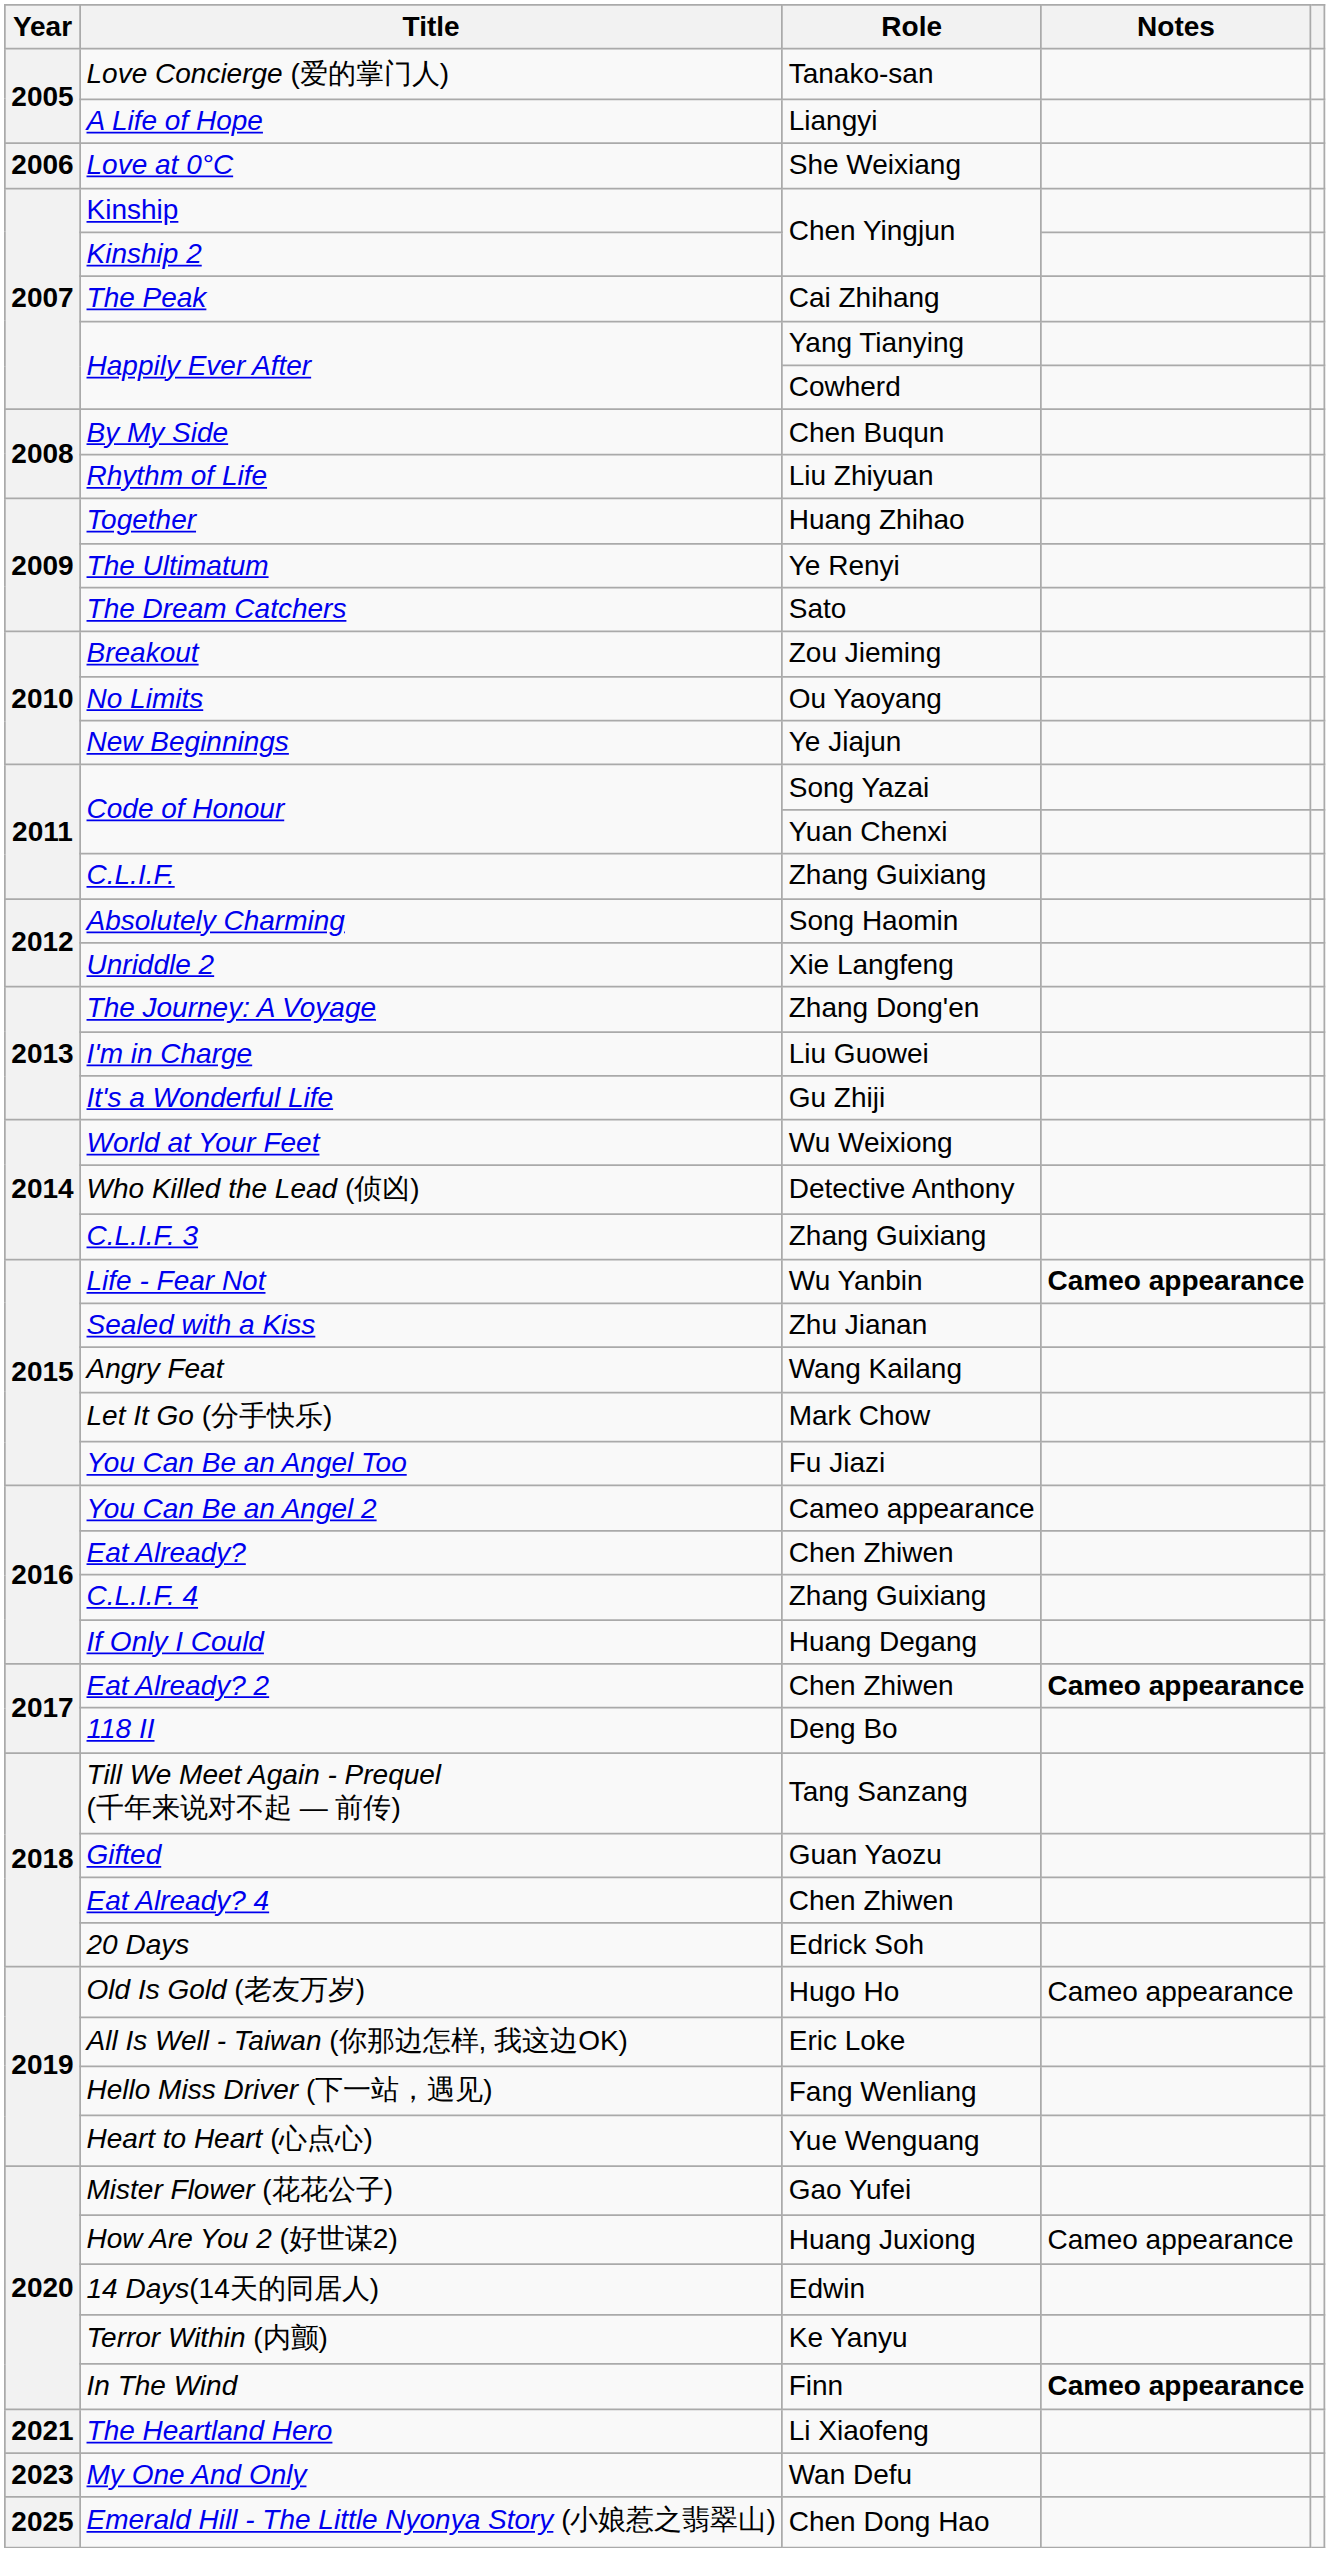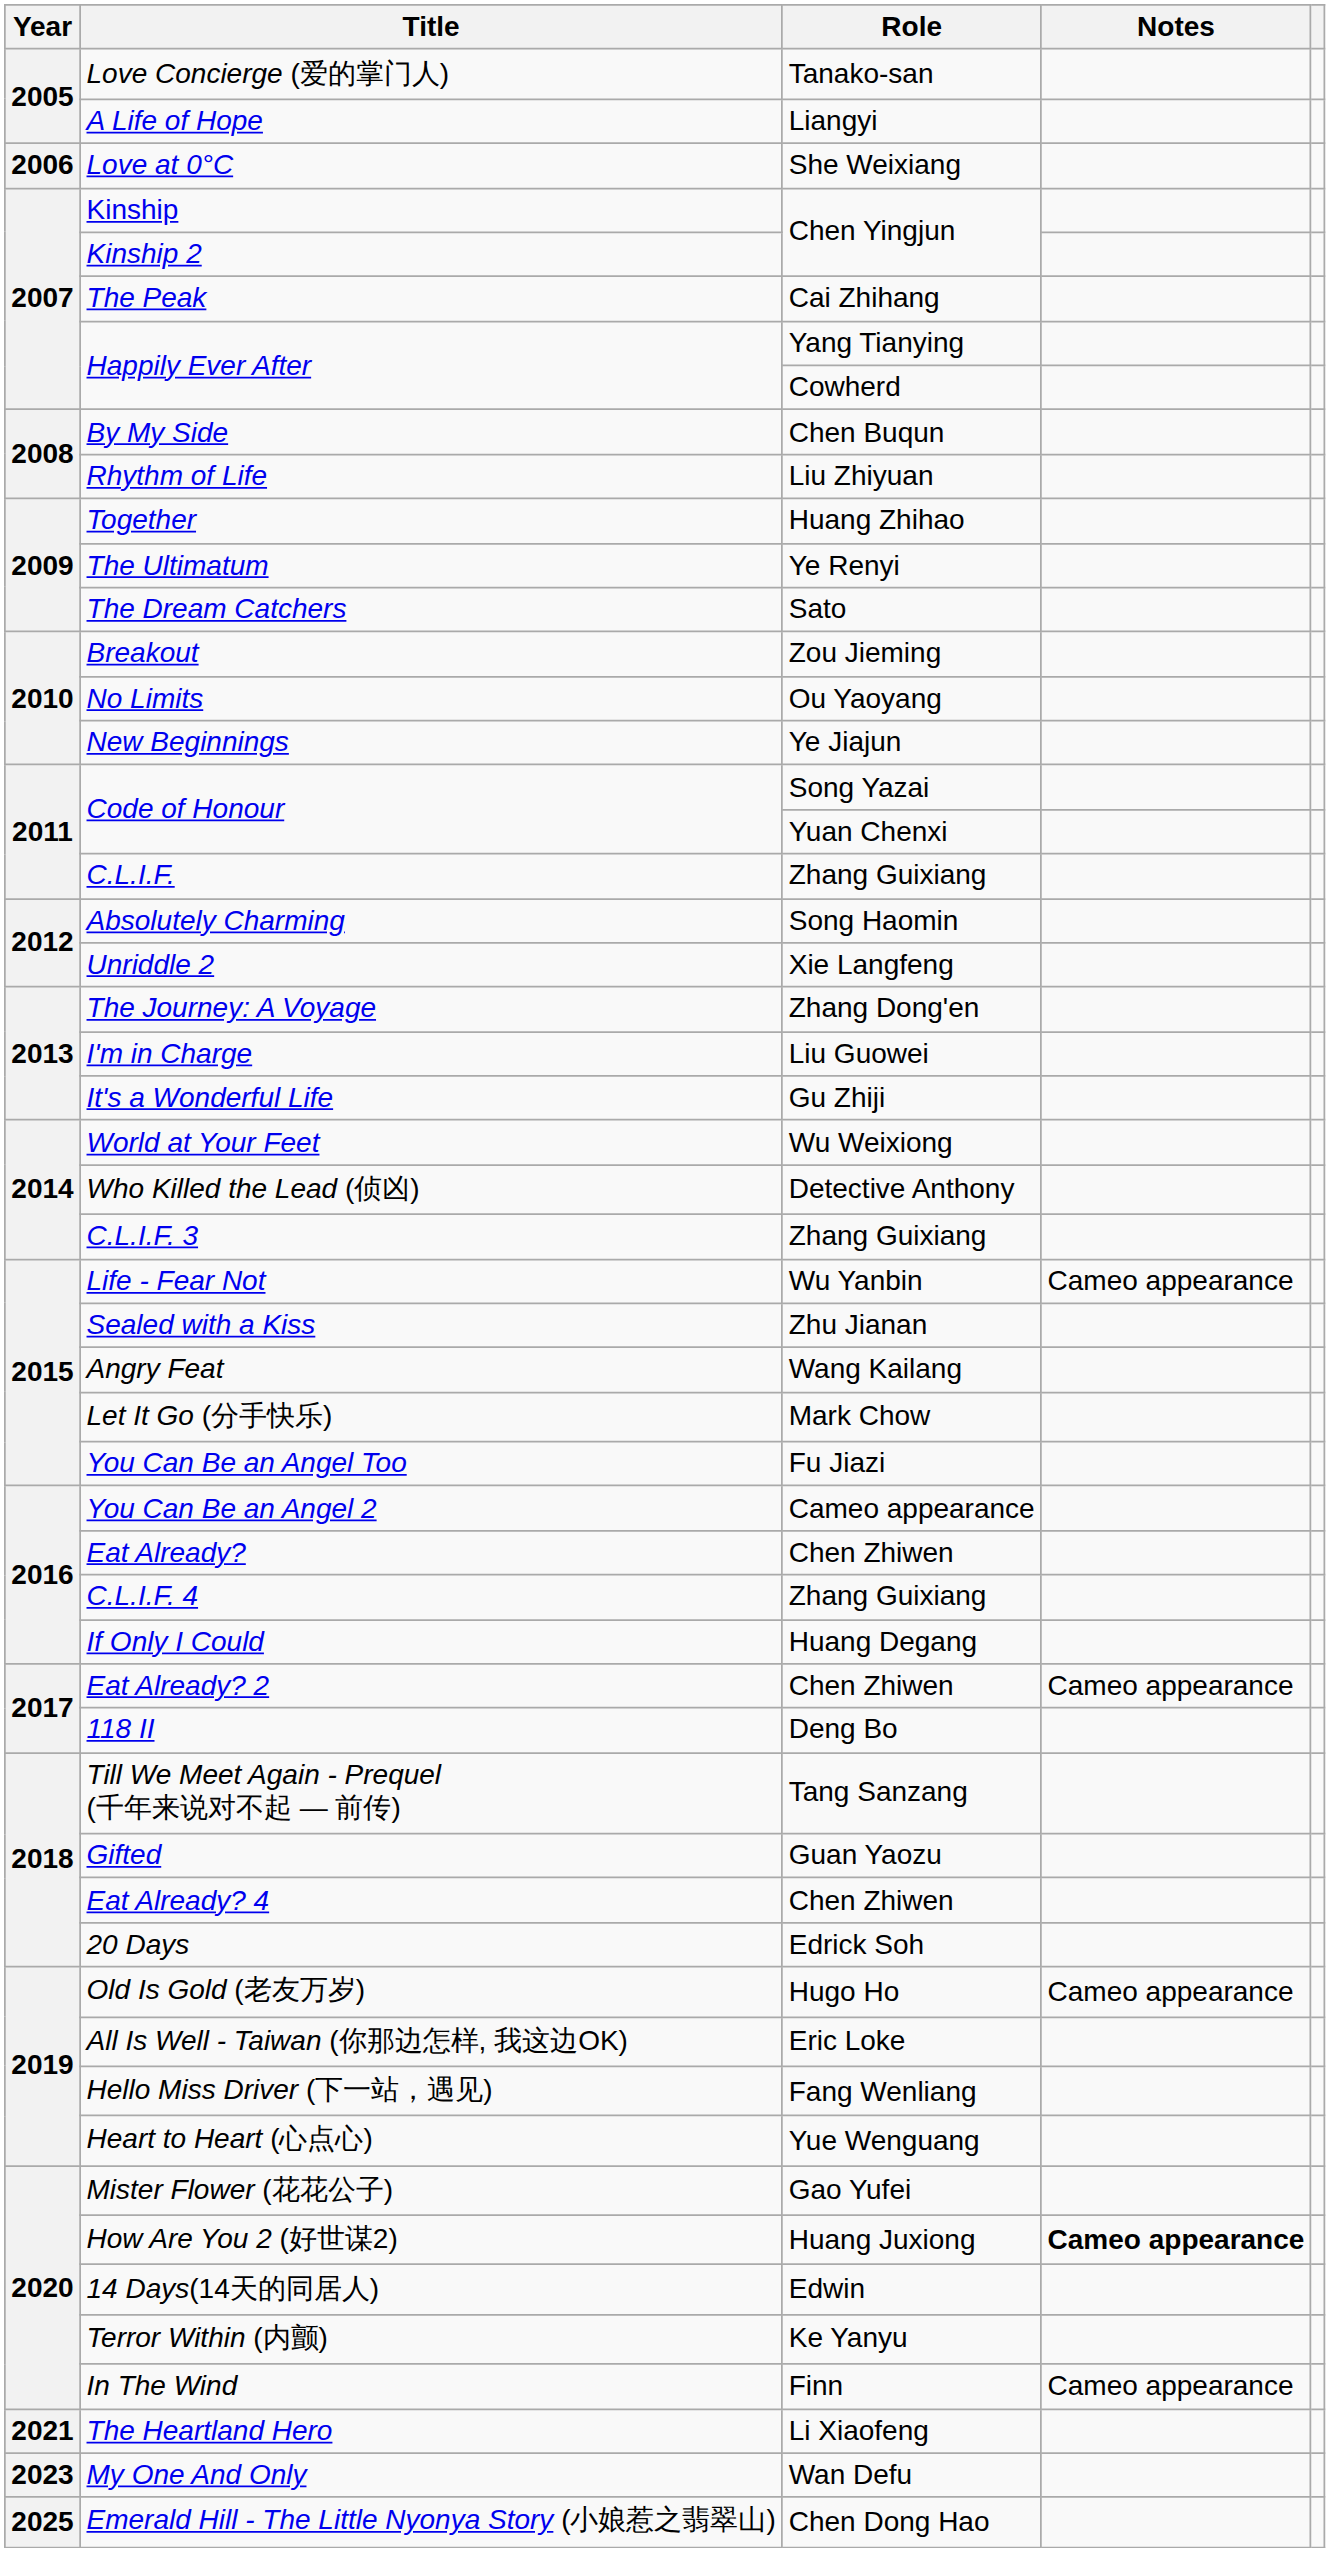 <table class="wikitable sortable plainrowheaders">
 <tr>
 <th scope="col">Year</th>
 <th scope="col">Title</th>
 <th scope="col">Role</th>
 <th scope="col" class="unsortable">Notes</th>
 <th scope="col" class="unsortable"></th>
 </tr>
 <tr>
 <th scope="row" rowspan="2">2005</th>
 <td><em>Love Concierge</em> (爱的掌门人)</td>
 <td>Tanako-san</td>
 <td></td>
 <td></td>
 </tr>
 <tr>
 <td><em><a href='#'>A Life of Hope</a></em></td>
 <td>Liangyi</td>
 <td></td>
 <td></td>
 </tr>
 <tr>
 <th scope="row">2006</th>
 <td><em><a href='#'>Love at 0°C</a></em></td>
 <td>She Weixiang</td>
 <td></td>
 <td></td>
 </tr>
 <tr>
 <th scope="row" rowspan="5">2007</th>
 <td><a href='#'>Kinship</a></td>
 <td rowspan="2">Chen Yingjun</td>
 <td></td>
 <td></td>
 </tr>
 <tr>
 <td><em><a href='#'>Kinship 2</a></em></td>
 <td></td>
 <td></td>
 </tr>
 <tr>
 <td><em><a href='#'>The Peak</a></em></td>
 <td>Cai Zhihang</td>
 <td></td>
 <td></td>
 </tr>
 <tr>
 <td rowspan="2"><em><a href='#'>Happily Ever After</a></em></td>
 <td>Yang Tianying</td>
 <td></td>
 <td></td>
 </tr>
 <tr>
 <td>Cowherd</td>
 <td></td>
 <td></td>
 </tr>
 <tr>
 <th scope="row" rowspan="2">2008</th>
 <td><em><a href='#'>By My Side</a></em></td>
 <td>Chen Buqun</td>
 <td></td>
 <td></td>
 </tr>
 <tr>
 <td><em><a href='#'>Rhythm of Life</a></em></td>
 <td>Liu Zhiyuan</td>
 <td></td>
 <td></td>
 </tr>
 <tr>
 <th scope="row" rowspan="3">2009</th>
 <td><em><a href='#'>Together</a></em></td>
 <td>Huang Zhihao</td>
 <td></td>
 <td></td>
 </tr>
 <tr>
 <td><em><a href='#'>The Ultimatum</a></em></td>
 <td>Ye Renyi</td>
 <td></td>
 <td></td>
 </tr>
 <tr>
 <td><em><a href='#'>The Dream Catchers</a></em></td>
 <td>Sato</td>
 <td></td>
 <td></td>
 </tr>
 <tr>
 <th scope="row" rowspan="3">2010</th>
 <td><em><a href='#'>Breakout</a></em></td>
 <td>Zou Jieming</td>
 <td></td>
 <td></td>
 </tr>
 <tr>
 <td><em><a href='#'>No Limits</a></em></td>
 <td>Ou Yaoyang</td>
 <td></td>
 <td></td>
 </tr>
 <tr>
 <td><em><a href='#'>New Beginnings</a></em></td>
 <td>Ye Jiajun</td>
 <td></td>
 <td></td>
 </tr>
 <tr>
 <th scope="row" rowspan="3">2011</th>
 <td rowspan="2"><em><a href='#'>Code of Honour</a></em></td>
 <td>Song Yazai</td>
 <td></td>
 <td></td>
 </tr>
 <tr>
 <td>Yuan Chenxi</td>
 <td></td>
 <td></td>
 </tr>
 <tr>
 <td><em><a href='#'>C.L.I.F.</a></em></td>
 <td>Zhang Guixiang</td>
 <td></td>
 <td></td>
 </tr>
 <tr>
 <th scope="row" rowspan="2">2012</th>
 <td><em><a href='#'>Absolutely Charming</a></em></td>
 <td>Song Haomin</td>
 <td></td>
 <td></td>
 </tr>
 <tr>
 <td><em><a href='#'>Unriddle 2</a></em></td>
 <td>Xie Langfeng</td>
 <td></td>
 <td></td>
 </tr>
 <tr>
 <th scope="row" rowspan="3">2013</th>
 <td><em><a href='#'>The Journey: A Voyage</a></em></td>
 <td>Zhang Dong'en</td>
 <td></td>
 <td></td>
 </tr>
 <tr>
 <td><em><a href='#'>I'm in Charge</a></em></td>
 <td>Liu Guowei</td>
 <td></td>
 <td></td>
 </tr>
 <tr>
 <td><em><a href='#'>It's a Wonderful Life</a></em></td>
 <td>Gu Zhiji</td>
 <td></td>
 <td></td>
 </tr>
 <tr>
 <th scope="row" rowspan="3">2014</th>
 <td><em><a href='#'>World at Your Feet</a></em></td>
 <td>Wu Weixiong</td>
 <td></td>
 <td></td>
 </tr>
 <tr>
 <td><em>Who Killed the Lead</em> (侦凶)</td>
 <td>Detective Anthony</td>
 <td></td>
 <td></td>
 </tr>
 <tr>
 <td><em><a href='#'>C.L.I.F. 3</a></em></td>
 <td>Zhang Guixiang</td>
 <td></td>
 <td></td>
 </tr>
 <tr>
 <th scope="row" rowspan="5">2015</th>
 <td><em><a href='#'>Life - Fear Not</a></em></td>
 <td>Wu Yanbin</td>
-<td><strong>Cameo appearance</strong></td>
+<td>Cameo appearance</td>
 <td></td>
 </tr>
 <tr>
 <td><em><a href='#'>Sealed with a Kiss</a></em></td>
 <td>Zhu Jianan</td>
 <td></td>
 <td></td>
 </tr>
 <tr>
 <td><em>Angry Feat</em></td>
 <td>Wang Kailang</td>
 <td></td>
 <td></td>
 </tr>
 <tr>
 <td><em>Let It Go</em> (分手快乐)</td>
 <td>Mark Chow</td>
 <td></td>
 <td></td>
 </tr>
 <tr>
 <td><em><a href='#'>You Can Be an Angel Too</a></em></td>
 <td>Fu Jiazi</td>
 <td></td>
 <td></td>
 </tr>
 <tr>
 <th scope="row" rowspan="4">2016</th>
 <td><em><a href='#'>You Can Be an Angel 2</a></em></td>
 <td Fu Jiazi>Cameo appearance</td>
 <td></td>
 <td></td>
 </tr>
 <tr>
 <td><em><a href='#'>Eat Already?</a></em></td>
 <td>Chen Zhiwen</td>
 <td></td>
 <td></td>
 </tr>
 <tr>
 <td><em><a href='#'>C.L.I.F. 4</a></em></td>
 <td>Zhang Guixiang</td>
 <td></td>
 <td></td>
 </tr>
 <tr>
 <td><em><a href='#'>If Only I Could</a></em></td>
 <td>Huang Degang</td>
 <td></td>
 <td></td>
 </tr>
 <tr>
 <th scope="row" rowspan="2">2017</th>
 <td><em><a href='#'>Eat Already? 2</a></em></td>
 <td>Chen Zhiwen</td>
-<td><strong>Cameo appearance</strong></td>
+<td>Cameo appearance</td>
 <td></td>
 </tr>
 <tr>
 <td><em><a href='#'>118 II</a></em></td>
 <td>Deng Bo</td>
 <td></td>
 <td></td>
 </tr>
 <tr>
 <th scope="row" rowspan="4">2018</th>
 <td><em>Till We Meet Again - Prequel</em> <br> (千年来说对不起 — 前传)</td>
 <td>Tang Sanzang</td>
 <td></td>
 <td></td>
 </tr>
 <tr>
 <td><em><a href='#'>Gifted</a></em></td>
 <td>Guan Yaozu</td>
 <td></td>
 <td></td>
 </tr>
 <tr>
 <td><em><a href='#'>Eat Already? 4</a></em></td>
 <td>Chen Zhiwen</td>
 <td></td>
 <td></td>
 </tr>
 <tr>
 <td><em>20 Days</em></td>
 <td>Edrick Soh</td>
 <td></td>
 <td></td>
 </tr>
 <tr>
 <th scope="row" rowspan="4">2019</th>
 <td><em>Old Is Gold</em> (老友万岁)</td>
 <td>Hugo Ho</td>
 <td>Cameo appearance</td>
 <td></td>
 </tr>
 <tr>
 <td><em>All Is Well - Taiwan</em> (你那边怎样, 我这边OK)</td>
 <td>Eric Loke</td>
 <td></td>
 <td></td>
 </tr>
 <tr>
 <td><em>Hello Miss Driver</em> (下一站，遇见)</td>
 <td>Fang Wenliang</td>
 <td></td>
 <td></td>
 </tr>
 <tr>
 <td><em>Heart to Heart</em> (心点心)</td>
 <td>Yue Wenguang</td>
 <td></td>
 <td></td>
 </tr>
 <tr>
 <th scope="row" rowspan="5">2020</th>
 <td><em>Mister Flower</em> (花花公子)</td>
 <td>Gao Yufei</td>
 <td></td>
 <td></td>
 </tr>
 <tr>
 <td><em>How Are You 2</em> (好世谋2)</td>
 <td>Huang Juxiong</td>
-<td>Cameo appearance</td>
+<td><strong>Cameo appearance</strong></td>
 <td></td>
 </tr>
 <tr>
 <td><em>14 Days</em>(14天的同居人)</td>
 <td>Edwin</td>
 <td></td>
 <td></td>
 </tr>
 <tr>
 <td><em>Terror Within</em> (内颤)</td>
 <td>Ke Yanyu</td>
 <td></td>
 <td></td>
 </tr>
 <tr>
 <td><em>In The Wind</em></td>
 <td>Finn</td>
-<td><strong>Cameo appearance</strong></td>
+<td>Cameo appearance</td>
 <td></td>
 </tr>
 <tr>
 <th scope="row" rowspan="1">2021</th>
 <td><em><a href='#'>The Heartland Hero</a></em></td>
 <td>Li Xiaofeng</td>
 <td></td>
 <td></td>
 </tr>
 <tr>
 <th scope="row" rowspan="1">2023</th>
 <td><em><a href='#'>My One And Only</a></em></td>
 <td>Wan Defu</td>
 <td></td>
 <td></td>
 </tr>
 <tr>
 <th scope="row">2025</th>
 <td><em><a href='#'>Emerald Hill - The Little Nyonya Story</a></em>  (小娘惹之翡翠山)</td>
 <td>Chen Dong Hao</td>
 <td></td>
 <td style="text-align:center"></td>
 </tr>
 </table>
